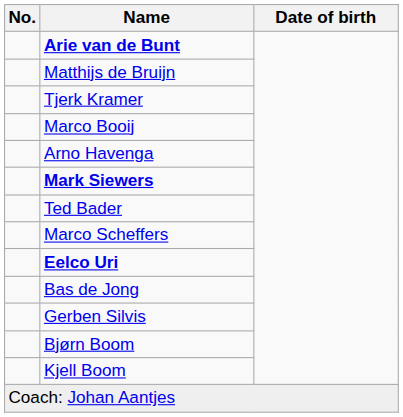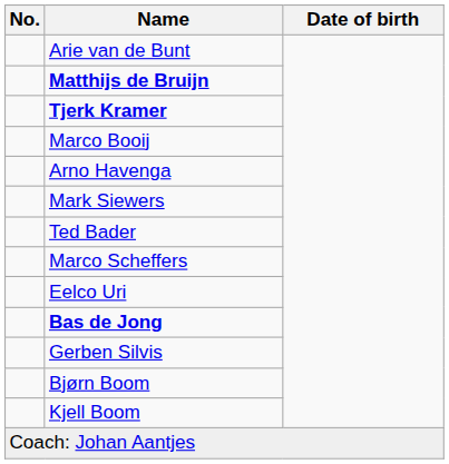 <table class=wikitable sortable style=font-size:100%; text-align:center;>
 <tr>
 <th>No.</th>
 <th style=width:12em>Name</th>
 <th style=width:8em>Date of birth</th>
 </tr>
 <tr>
 <td></td>
-<td align=left><strong><a href='#'>Arie van de Bunt</a></strong></td>
+<td align=left><a href='#'>Arie van de Bunt</a></td>
 </tr>
 <tr>
 <td></td>
-<td align=left><a href='#'>Matthijs de Bruijn</a></td>
+<td align=left><strong><a href='#'>Matthijs de Bruijn</a></strong></td>
 </tr>
 <tr>
 <td></td>
-<td align=left><a href='#'>Tjerk Kramer</a></td>
+<td align=left><strong><a href='#'>Tjerk Kramer</a></strong></td>
 </tr>
 <tr>
 <td></td>
 <td align=left><a href='#'>Marco Booij</a></td>
 </tr>
 <tr>
 <td></td>
 <td align=left><a href='#'>Arno Havenga</a></td>
 </tr>
 <tr>
 <td></td>
-<td align=left><strong><a href='#'>Mark Siewers</a></strong></td>
+<td align=left><a href='#'>Mark Siewers</a></td>
 </tr>
 <tr>
 <td></td>
 <td align=left><a href='#'>Ted Bader</a></td>
 </tr>
 <tr>
 <td></td>
 <td align=left><a href='#'>Marco Scheffers</a></td>
 </tr>
 <tr>
 <td></td>
-<td align=left><strong><a href='#'>Eelco Uri</a></strong></td>
+<td align=left><a href='#'>Eelco Uri</a></td>
 </tr>
 <tr>
 <td></td>
-<td align=left><a href='#'>Bas de Jong</a></td>
+<td align=left><strong><a href='#'>Bas de Jong</a></strong></td>
 </tr>
 <tr>
 <td></td>
 <td align=left><a href='#'>Gerben Silvis</a></td>
 </tr>
 <tr>
 <td></td>
 <td align=left><a href='#'>Bjørn Boom</a></td>
 </tr>
 <tr>
 <td></td>
 <td align=left><a href='#'>Kjell Boom</a></td>
 </tr>
 <tr style=background:#efefef;>
 <td colspan=3 style=text-align:left;>Coach: <a href='#'>Johan Aantjes</a></td>
 </tr>
 </table>
